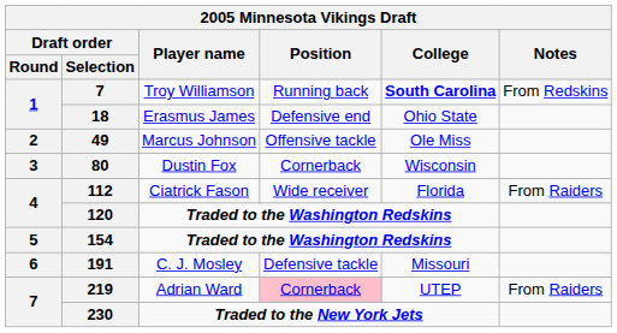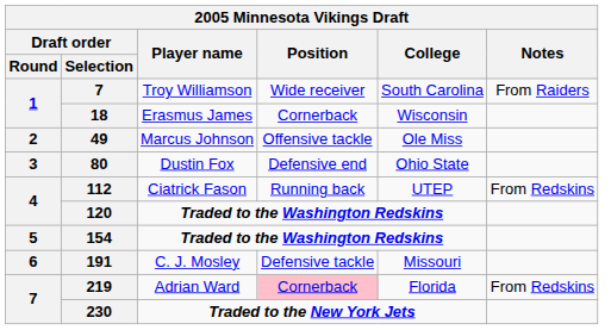 <table class="wikitable" style="text-align:center">
 <tr>
 <th colspan="6">2005 Minnesota Vikings Draft</th>
 </tr>
 <tr>
 <th colspan="2">Draft order</th>
 <th rowspan="2">Player name</th>
 <th rowspan="2">Position</th>
 <th rowspan="2">College</th>
 <th rowspan="2">Notes</th>
 </tr>
 <tr>
 <th>Round</th>
 <th>Selection</th>
 </tr>
 <tr>
 <th rowspan="2"><a href='#'>1</a></th>
 <th>7</th>
 <td><a href='#'>Troy Williamson</a></td>
-<td><a href='#'>Running back</a></td>
-<td><strong><a href='#'>South Carolina</a></strong></td>
-<td>From <a href='#'>Redskins</a></td>
+<td><a href='#'>Wide receiver</a></td>
+<td><a href='#'>South Carolina</a></td>
+<td>From <a href='#'>Raiders</a></td>
 </tr>
 <tr>
 <th>18</th>
 <td><a href='#'>Erasmus James</a></td>
-<td><a href='#'>Defensive end</a></td>
-<td><a href='#'>Ohio State</a></td>
+<td><a href='#'>Cornerback</a></td>
+<td><a href='#'>Wisconsin</a></td>
 <td></td>
 </tr>
 <tr>
 <th>2</th>
 <th>49</th>
 <td><a href='#'>Marcus Johnson</a></td>
 <td><a href='#'>Offensive tackle</a></td>
 <td><a href='#'>Ole Miss</a></td>
 <td></td>
 </tr>
 <tr>
 <th>3</th>
 <th>80</th>
 <td><a href='#'>Dustin Fox</a></td>
-<td><a href='#'>Cornerback</a></td>
-<td><a href='#'>Wisconsin</a></td>
+<td><a href='#'>Defensive end</a></td>
+<td><a href='#'>Ohio State</a></td>
 <td></td>
 </tr>
 <tr>
 <th rowspan="2">4</th>
 <th>112</th>
 <td><a href='#'>Ciatrick Fason</a></td>
-<td><a href='#'>Wide receiver</a></td>
-<td><a href='#'>Florida</a></td>
-<td>From <a href='#'>Raiders</a></td>
+<td><a href='#'>Running back</a></td>
+<td><a href='#'>UTEP</a></td>
+<td>From <a href='#'>Redskins</a></td>
 </tr>
 <tr>
 <th>120</th>
 <td colspan="3"><strong><em>Traded to the <a href='#'>Washington Redskins</a></em></strong></td>
 <td></td>
 </tr>
 <tr>
 <th>5</th>
 <th>154</th>
 <td colspan="3"><strong><em>Traded to the <a href='#'>Washington Redskins</a></em></strong></td>
 <td></td>
 </tr>
 <tr>
 <th>6</th>
 <th>191</th>
 <td><a href='#'>C. J. Mosley</a></td>
 <td><a href='#'>Defensive tackle</a></td>
 <td><a href='#'>Missouri</a></td>
 <td></td>
 </tr>
 <tr>
 <th rowspan="2">7</th>
 <th>219</th>
 <td><a href='#'>Adrian Ward</a></td>
 <td style="background: pink;"><a href='#'>Cornerback</a></td>
-<td><a href='#'>UTEP</a></td>
-<td>From <a href='#'>Raiders</a></td>
+<td><a href='#'>Florida</a></td>
+<td>From <a href='#'>Redskins</a></td>
 </tr>
 <tr>
 <th>230</th>
 <td colspan="3"><strong><em>Traded to the <a href='#'>New York Jets</a></em></strong></td>
 <td></td>
 </tr>
 </table>
